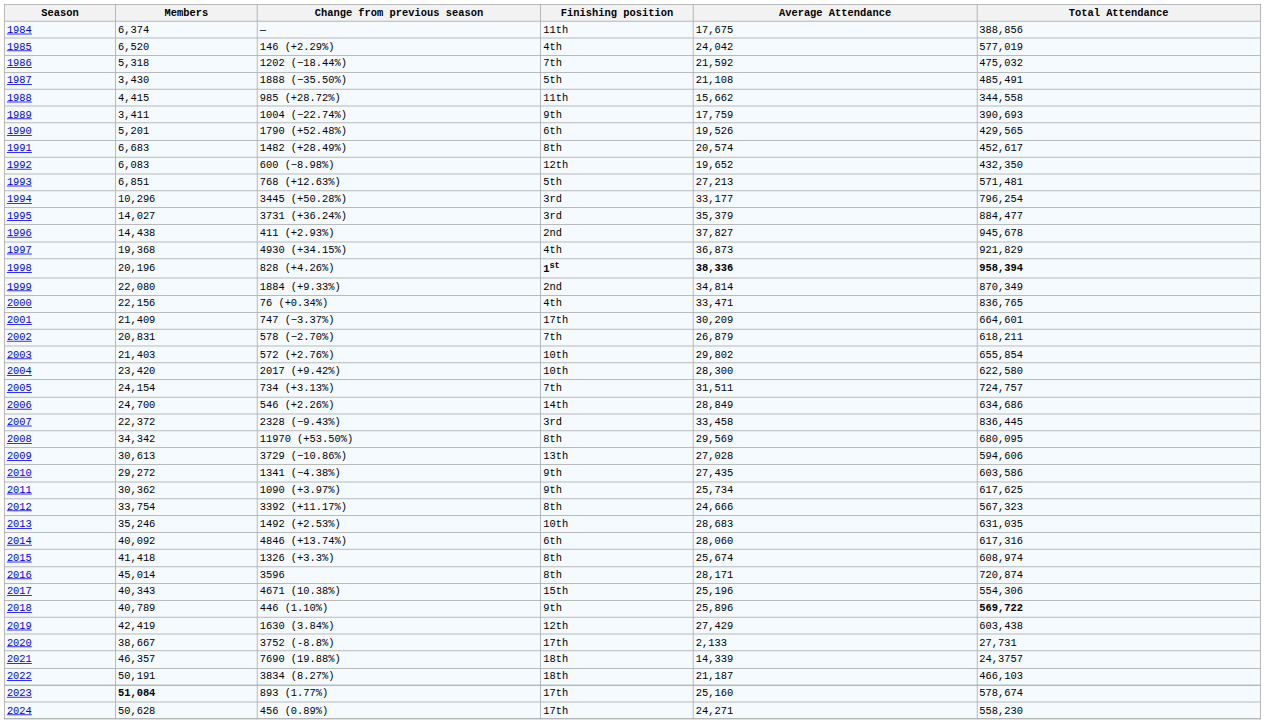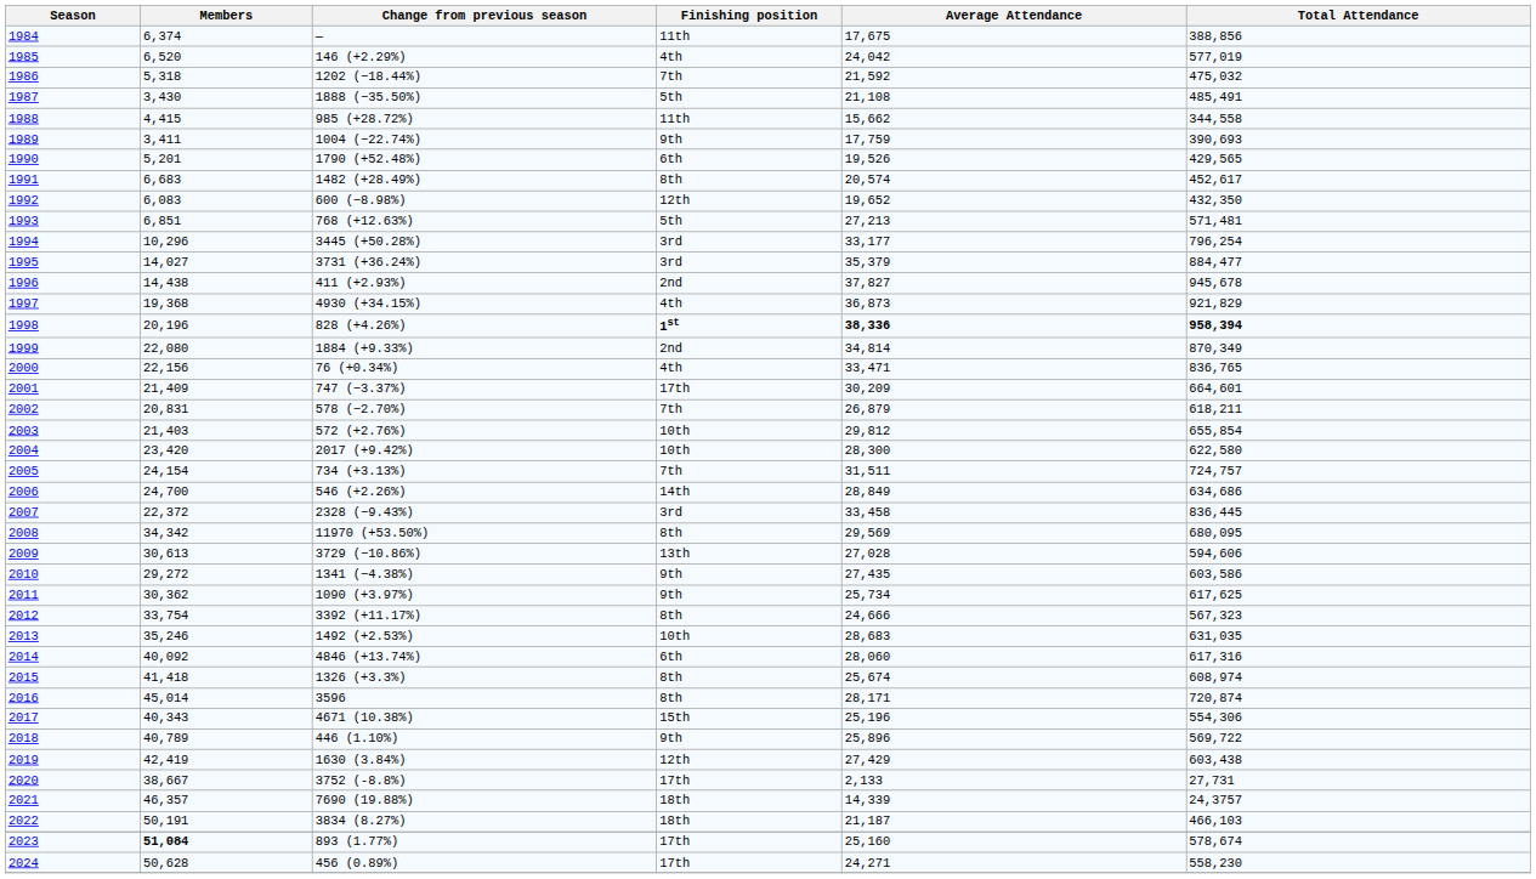 <table class="wikitable sortable">
 <tr style="background:#C1D8FF;">
 <th width="3%">Season</th>
 <th width="4%">Members</th>
 <th width="8%">Change from previous season</th>
 <th width="4%">Finishing position</th>
 <th width="8%">Average Attendance</th>
 <th width="8%">Total Attendance</th>
 </tr>
 <tr style="background:#F5FAFF;">
 <td><a href='#'>1984</a></td>
 <td>6,374</td>
 <td>—</td>
 <td>11th</td>
 <td>17,675</td>
 <td>388,856</td>
 </tr>
 <tr style="background:#F5FAFF;">
 <td><a href='#'>1985</a></td>
 <td>6,520</td>
 <td align=left> 146 (+2.29%)</td>
 <td>4th</td>
 <td>24,042</td>
 <td>577,019</td>
 </tr>
 <tr style="background:#F5FAFF;">
 <td><a href='#'>1986</a></td>
 <td>5,318</td>
 <td align=left> 1202 (−18.44%)</td>
 <td>7th</td>
 <td>21,592</td>
 <td>475,032</td>
 </tr>
 <tr style="background:#F5FAFF;">
 <td><a href='#'>1987</a></td>
 <td>3,430</td>
 <td align=left> 1888 (−35.50%)</td>
 <td>5th</td>
 <td>21,108</td>
 <td>485,491</td>
 </tr>
 <tr style="background:#F5FAFF;">
 <td><a href='#'>1988</a></td>
 <td>4,415</td>
 <td align=left> 985 (+28.72%)</td>
 <td>11th</td>
 <td>15,662</td>
 <td>344,558</td>
 </tr>
 <tr style="background:#F5FAFF;">
 <td><a href='#'>1989</a></td>
 <td>3,411</td>
 <td align=left> 1004 (−22.74%)</td>
 <td>9th</td>
 <td>17,759</td>
 <td>390,693</td>
 </tr>
 <tr style="background:#F5FAFF;">
 <td><a href='#'>1990</a></td>
 <td>5,201</td>
 <td align=left> 1790 (+52.48%)</td>
 <td>6th</td>
 <td>19,526</td>
 <td>429,565</td>
 </tr>
 <tr style="background:#F5FAFF;">
 <td><a href='#'>1991</a></td>
 <td>6,683</td>
 <td align=left> 1482 (+28.49%)</td>
 <td>8th</td>
 <td>20,574</td>
 <td>452,617</td>
 </tr>
 <tr style="background:#F5FAFF;">
 <td><a href='#'>1992</a></td>
 <td>6,083</td>
 <td align=left> 600 (−8.98%)</td>
 <td>12th</td>
 <td>19,652</td>
 <td>432,350</td>
 </tr>
 <tr style="background:#F5FAFF;">
 <td><a href='#'>1993</a></td>
 <td>6,851</td>
 <td align=left> 768 (+12.63%)</td>
 <td>5th</td>
 <td>27,213</td>
 <td>571,481</td>
 </tr>
 <tr style="background:#F5FAFF;">
 <td><a href='#'>1994</a></td>
 <td>10,296</td>
 <td align=left> 3445 (+50.28%)</td>
 <td>3rd</td>
 <td>33,177</td>
 <td>796,254</td>
 </tr>
 <tr style="background:#F5FAFF;">
 <td><a href='#'>1995</a></td>
 <td>14,027</td>
 <td align=left> 3731 (+36.24%)</td>
 <td>3rd</td>
 <td>35,379</td>
 <td>884,477</td>
 </tr>
 <tr style="background:#F5FAFF;">
 <td><a href='#'>1996</a></td>
 <td>14,438</td>
 <td align=left> 411 (+2.93%)</td>
 <td>2nd</td>
 <td>37,827</td>
 <td>945,678</td>
 </tr>
 <tr style="background:#F5FAFF;">
 <td><a href='#'>1997</a></td>
 <td>19,368</td>
 <td align=left> 4930 (+34.15%)</td>
 <td>4th</td>
 <td>36,873</td>
 <td>921,829</td>
 </tr>
 <tr style="background:#F5FAFF;">
 <td><a href='#'>1998</a></td>
 <td>20,196</td>
 <td align=left> 828 (+4.26%)</td>
 <td><strong>1</strong><sup><strong>st</strong></sup></td>
 <td><strong>38,336</strong></td>
 <td><strong>958,394</strong></td>
 </tr>
 <tr style="background:#F5FAFF;">
 <td><a href='#'>1999</a></td>
 <td>22,080</td>
 <td align=left> 1884 (+9.33%)</td>
 <td>2nd</td>
 <td>34,814</td>
 <td>870,349</td>
 </tr>
 <tr style="background:#F5FAFF;">
 <td><a href='#'>2000</a></td>
 <td>22,156</td>
 <td align=left> 76 (+0.34%)</td>
 <td>4th</td>
 <td>33,471</td>
 <td>836,765</td>
 </tr>
 <tr style="background:#F5FAFF;">
 <td><a href='#'>2001</a></td>
 <td>21,409</td>
 <td align=left> 747 (−3.37%)</td>
 <td>17th</td>
 <td>30,209</td>
 <td>664,601</td>
 </tr>
 <tr style="background:#F5FAFF;">
 <td><a href='#'>2002</a></td>
 <td>20,831</td>
 <td align=left> 578 (−2.70%)</td>
 <td>7th</td>
 <td>26,879</td>
 <td>618,211</td>
 </tr>
 <tr style="background:#F5FAFF;">
 <td><a href='#'>2003</a></td>
 <td>21,403</td>
 <td align=left> 572 (+2.76%)</td>
 <td>10th</td>
-<td>29,802</td>
+<td>29,812</td>
 <td>655,854</td>
 </tr>
 <tr style="background:#F5FAFF;">
 <td><a href='#'>2004</a></td>
 <td>23,420</td>
 <td align=left> 2017 (+9.42%)</td>
 <td>10th</td>
 <td>28,300</td>
 <td>622,580</td>
 </tr>
 <tr style="background:#F5FAFF;">
 <td><a href='#'>2005</a></td>
 <td>24,154</td>
 <td align=left> 734 (+3.13%)</td>
 <td>7th</td>
 <td>31,511</td>
 <td>724,757</td>
 </tr>
 <tr style="background:#F5FAFF;">
 <td><a href='#'>2006</a></td>
 <td>24,700</td>
 <td align=left> 546 (+2.26%)</td>
 <td>14th</td>
 <td>28,849</td>
 <td>634,686</td>
 </tr>
 <tr style="background:#F5FAFF;">
 <td><a href='#'>2007</a></td>
 <td>22,372</td>
 <td align=left> 2328 (−9.43%)</td>
 <td>3rd</td>
 <td>33,458</td>
 <td>836,445</td>
 </tr>
 <tr style="background:#F5FAFF;">
 <td><a href='#'>2008</a></td>
 <td>34,342</td>
 <td align=left> 11970 (+53.50%)</td>
 <td>8th</td>
 <td>29,569</td>
 <td>680,095</td>
 </tr>
 <tr style="background:#F5FAFF;">
 <td><a href='#'>2009</a></td>
 <td>30,613</td>
 <td align=left> 3729 (−10.86%)</td>
 <td>13th</td>
 <td>27,028</td>
 <td>594,606</td>
 </tr>
 <tr style="background:#F5FAFF;">
 <td><a href='#'>2010</a></td>
 <td>29,272</td>
 <td align=left> 1341 (−4.38%)</td>
 <td>9th</td>
 <td>27,435</td>
 <td>603,586</td>
 </tr>
 <tr style="background:#F5FAFF;">
 <td><a href='#'>2011</a></td>
 <td>30,362</td>
 <td align=left> 1090 (+3.97%)</td>
 <td>9th</td>
 <td>25,734</td>
 <td>617,625</td>
 </tr>
 <tr style="background:#F5FAFF;">
 <td><a href='#'>2012</a></td>
 <td>33,754</td>
 <td align=left> 3392 (+11.17%)</td>
 <td>8th</td>
 <td>24,666</td>
 <td>567,323</td>
 </tr>
 <tr style="background:#F5FAFF;">
 <td><a href='#'>2013</a></td>
 <td>35,246</td>
 <td align=left> 1492 (+2.53%)</td>
 <td>10th</td>
 <td>28,683</td>
 <td>631,035</td>
 </tr>
 <tr style="background:#F5FAFF;">
 <td><a href='#'>2014</a></td>
 <td>40,092</td>
 <td align=left> 4846 (+13.74%)</td>
 <td>6th</td>
 <td>28,060</td>
 <td>617,316</td>
 </tr>
 <tr style="background:#F5FAFF;">
 <td><a href='#'>2015</a></td>
 <td>41,418</td>
 <td align=left> 1326 (+3.3%)</td>
 <td>8th</td>
 <td>25,674</td>
 <td>608,974</td>
 </tr>
 <tr style="background:#F5FAFF;">
 <td><a href='#'>2016</a></td>
 <td>45,014</td>
 <td align=left> 3596</td>
 <td>8th</td>
 <td>28,171</td>
 <td>720,874</td>
 </tr>
 <tr style="background:#F5FAFF;">
 <td><a href='#'>2017</a></td>
 <td>40,343</td>
 <td align=left> 4671 (10.38%)</td>
 <td>15th</td>
 <td>25,196</td>
 <td>554,306</td>
 </tr>
 <tr style="background:#F5FAFF;">
 <td><a href='#'>2018</a></td>
 <td>40,789</td>
 <td align=left> 446 (1.10%)</td>
 <td>9th</td>
 <td>25,896</td>
-<td><strong>569,722</strong></td>
+<td>569,722</td>
 </tr>
 <tr style="background:#F5FAFF;">
 <td><a href='#'>2019</a></td>
 <td>42,419</td>
 <td align=left> 1630 (3.84%)</td>
 <td>12th</td>
 <td>27,429</td>
 <td>603,438</td>
 </tr>
 <tr style="background:#F5FAFF;">
 <td><a href='#'>2020</a></td>
 <td>38,667</td>
 <td> 3752 (-8.8%)</td>
 <td>17th</td>
 <td>2,133</td>
 <td>27,731</td>
 </tr>
 <tr style="background:#F5FAFF;">
 <td><a href='#'>2021</a></td>
 <td>46,357</td>
 <td> 7690 (19.88%)</td>
 <td>18th</td>
 <td>14,339</td>
 <td>24,3757</td>
 </tr>
 <tr style="background:#F5FAFF;">
 <td><a href='#'>2022</a></td>
 <td>50,191</td>
 <td> 3834 (8.27%)</td>
 <td>18th</td>
 <td>21,187</td>
 <td>466,103</td>
 </tr>
 <tr style="background:#F5FAFF;">
 </tr>
 <tr style="background:#F5FAFF;">
 <td><a href='#'>2023</a></td>
 <td><strong>51,084</strong></td>
 <td> 893 (1.77%)</td>
 <td>17th</td>
 <td>25,160</td>
 <td>578,674</td>
 </tr>
 <tr style="background:#F5FAFF;">
 <td><a href='#'>2024</a></td>
 <td>50,628</td>
 <td> 456 (0.89%)</td>
 <td>17th</td>
 <td>24,271</td>
 <td>558,230</td>
 </tr>
 <tr style="background:#F5FAFF;">
 </tr>
 </table>
